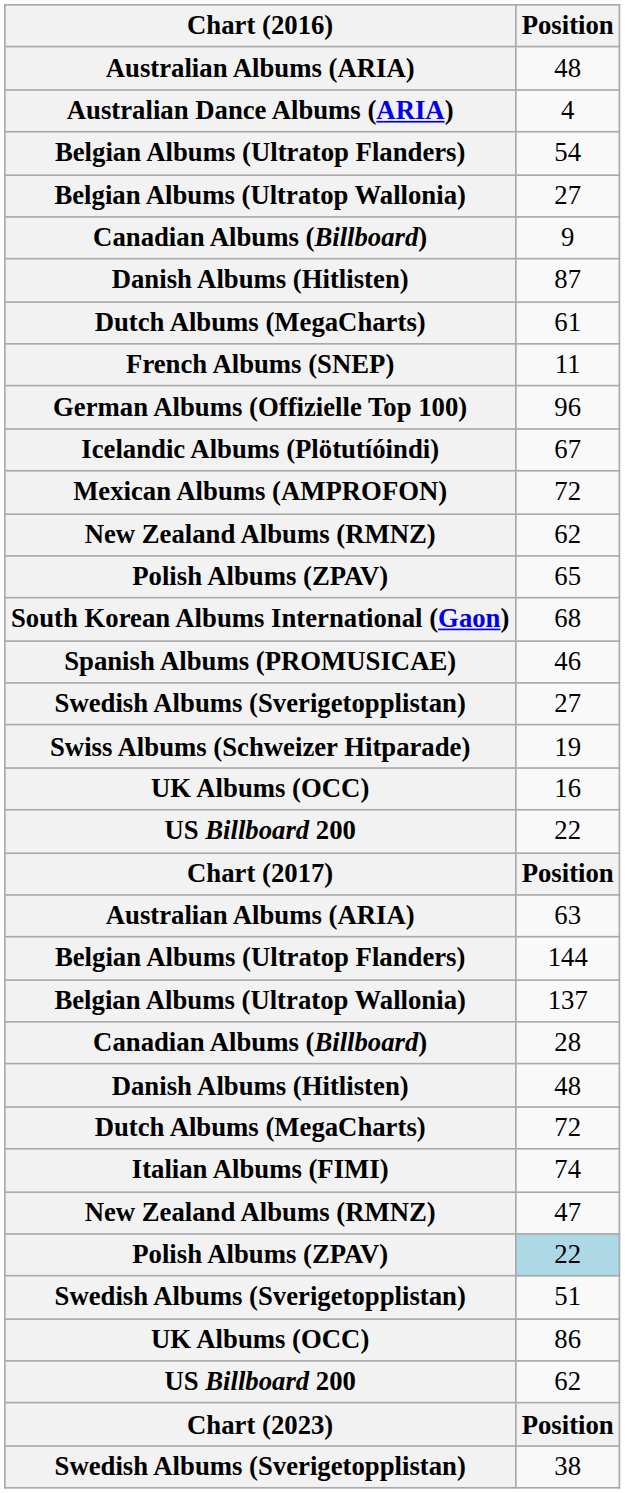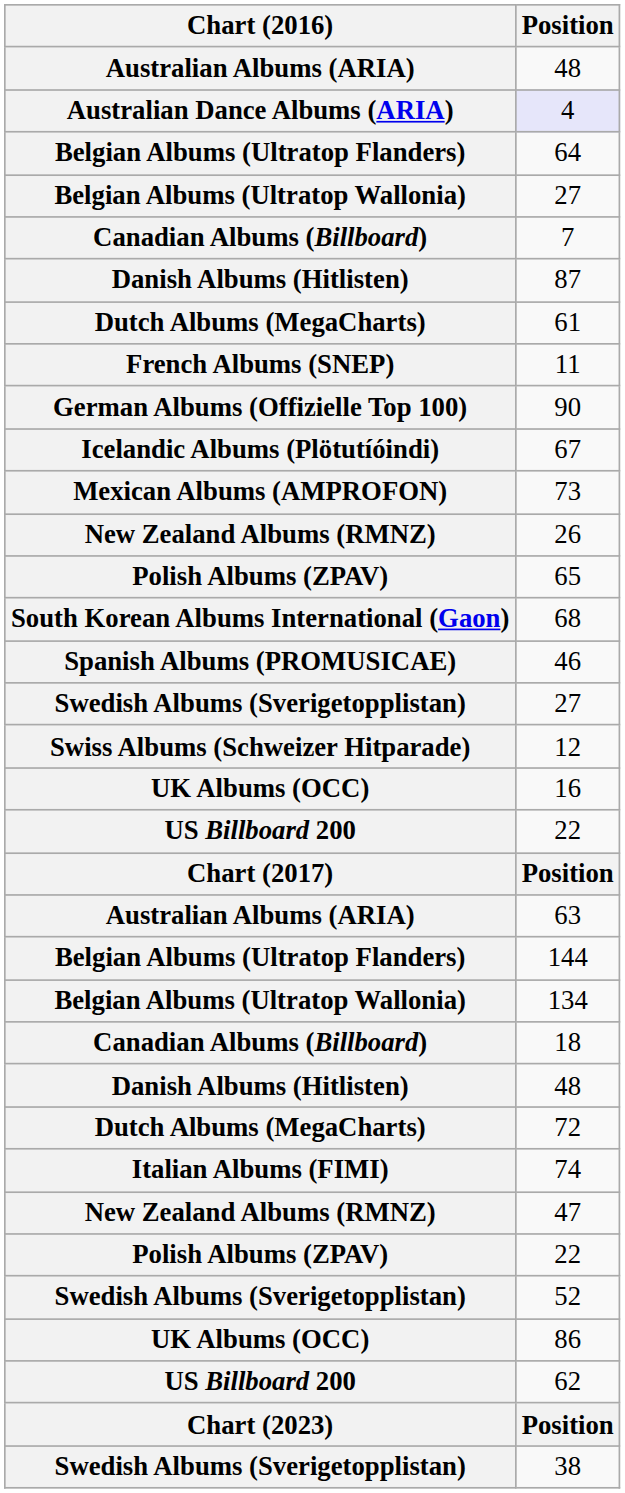 <table class="wikitable sortable plainrowheaders" style="text-align:center">
 <tr>
 <th scope="col">Chart (2016)</th>
 <th scope="col">Position</th>
 </tr>
 <tr>
 <th scope="row">Australian Albums (ARIA)</th>
 <td>48</td>
 </tr>
 <tr>
 <th scope="row">Australian Dance Albums (<a href='#'>ARIA</a>)</th>
-<td>4</td>
+<td style="background: lavender;">4</td>
 </tr>
 <tr>
 <th scope="row">Belgian Albums (Ultratop Flanders)</th>
-<td>54</td>
+<td>64</td>
 </tr>
 <tr>
 <th scope="row">Belgian Albums (Ultratop Wallonia)</th>
 <td>27</td>
 </tr>
 <tr>
 <th scope="row">Canadian Albums (<em>Billboard</em>)</th>
-<td>9</td>
+<td>7</td>
 </tr>
 <tr>
 <th scope="row">Danish Albums (Hitlisten)</th>
 <td>87</td>
 </tr>
 <tr>
 <th scope="row">Dutch Albums (MegaCharts)</th>
 <td>61</td>
 </tr>
 <tr>
 <th scope="row">French Albums (SNEP)</th>
 <td>11</td>
 </tr>
 <tr>
 <th scope="row">German Albums (Offizielle Top 100)</th>
-<td>96</td>
+<td>90</td>
 </tr>
 <tr>
 <th scope="row">Icelandic Albums (Plötutíóindi)</th>
 <td>67</td>
 </tr>
 <tr>
 <th scope="row">Mexican Albums (AMPROFON)</th>
-<td>72</td>
+<td>73</td>
 </tr>
 <tr>
 <th scope="row">New Zealand Albums (RMNZ)</th>
-<td>62</td>
+<td>26</td>
 </tr>
 <tr>
 <th scope="row">Polish Albums (ZPAV)</th>
 <td>65</td>
 </tr>
 <tr>
 <th scope="row">South Korean Albums International (<a href='#'>Gaon</a>)</th>
 <td>68</td>
 </tr>
 <tr>
 <th scope="row">Spanish Albums (PROMUSICAE)</th>
 <td>46</td>
 </tr>
 <tr>
 <th scope="row">Swedish Albums (Sverigetopplistan)</th>
 <td>27</td>
 </tr>
 <tr>
 <th scope="row">Swiss Albums (Schweizer Hitparade)</th>
-<td>19</td>
+<td>12</td>
 </tr>
 <tr>
 <th scope="row">UK Albums (OCC)</th>
 <td>16</td>
 </tr>
 <tr>
 <th scope="row">US <em>Billboard</em> 200</th>
 <td>22</td>
 </tr>
 <tr>
 <th scope="col">Chart (2017)</th>
 <th scope="col">Position</th>
 </tr>
 <tr>
 <th scope="row">Australian Albums (ARIA)</th>
 <td>63</td>
 </tr>
 <tr>
 <th scope="row">Belgian Albums (Ultratop Flanders)</th>
 <td>144</td>
 </tr>
 <tr>
 <th scope="row">Belgian Albums (Ultratop Wallonia)</th>
-<td>137</td>
+<td>134</td>
 </tr>
 <tr>
 <th scope="row">Canadian Albums (<em>Billboard</em>)</th>
-<td>28</td>
+<td>18</td>
 </tr>
 <tr>
 <th scope="row">Danish Albums (Hitlisten)</th>
 <td>48</td>
 </tr>
 <tr>
 <th scope="row">Dutch Albums (MegaCharts)</th>
 <td>72</td>
 </tr>
 <tr>
 <th scope="row">Italian Albums (FIMI)</th>
 <td>74</td>
 </tr>
 <tr>
 <th scope="row">New Zealand Albums (RMNZ)</th>
 <td>47</td>
 </tr>
 <tr>
 <th scope="row">Polish Albums (ZPAV)</th>
-<td style="background: lightblue;">22</td>
+<td>22</td>
 </tr>
 <tr>
 <th scope="row">Swedish Albums (Sverigetopplistan)</th>
-<td>51</td>
+<td>52</td>
 </tr>
 <tr>
 <th scope="row">UK Albums (OCC)</th>
 <td>86</td>
 </tr>
 <tr>
 <th scope="row">US <em>Billboard</em> 200</th>
 <td>62</td>
 </tr>
 <tr>
 <th scope="col">Chart (2023)</th>
 <th scope="col">Position</th>
 </tr>
 <tr>
 <th scope="row">Swedish Albums (Sverigetopplistan)</th>
 <td>38</td>
 </tr>
 </table>
